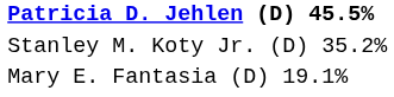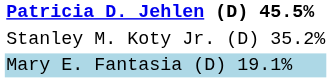 <table>
 <tr>
 <td><strong><a href='#'>Patricia D. Jehlen</a> (D) 45.5%</strong></td>
 </tr>
 <tr>
 <td>Stanley M. Koty Jr. (D) 35.2%</td>
 </tr>
 <tr>
-<td>Mary E. Fantasia (D) 19.1%</td>
+<td style="background: lightblue;">Mary E. Fantasia (D) 19.1%</td>
 </tr>
 </table>
